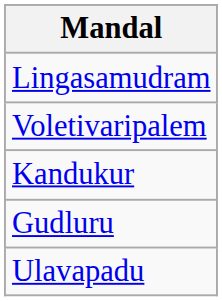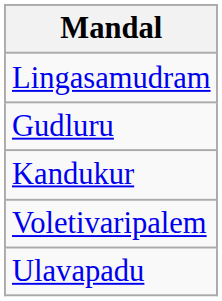 <table class="wikitable sortable static-row-numbers static-row-header-hash">
 <tr>
 <th>Mandal</th>
 </tr>
 <tr>
 <td><a href='#'>Lingasamudram</a></td>
 </tr>
 <tr>
-<td><a href='#'>Voletivaripalem</a></td>
+<td><a href='#'>Gudluru</a></td>
 </tr>
 <tr>
 <td><a href='#'>Kandukur</a></td>
 </tr>
 <tr>
-<td><a href='#'>Gudluru</a></td>
+<td><a href='#'>Voletivaripalem</a></td>
 </tr>
 <tr>
 <td><a href='#'>Ulavapadu</a></td>
 </tr>
 </table>
